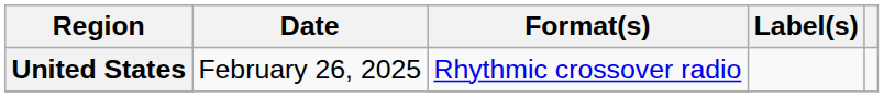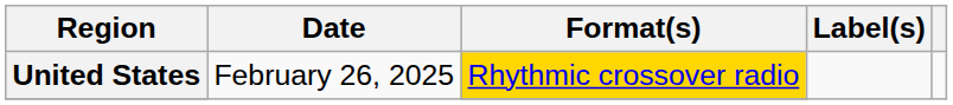 <table class="wikitable plainrowheaders">
 <tr>
 <th scope="col">Region</th>
 <th scope="col">Date</th>
 <th scope="col">Format(s)</th>
 <th scope="col">Label(s)</th>
 <th scope="col"></th>
 </tr>
 <tr>
 <th scope="row">United States</th>
 <td rowspan="2">February 26, 2025</td>
-<td><a href='#'>Rhythmic crossover radio</a></td>
+<td style="background: gold;"><a href='#'>Rhythmic crossover radio</a></td>
 <td rowspan="2"></td>
 <td align="center" rowspan="2"></td>
 </tr>
 <tr>
 </tr>
 </table>
